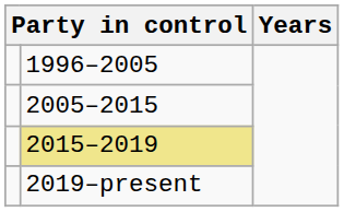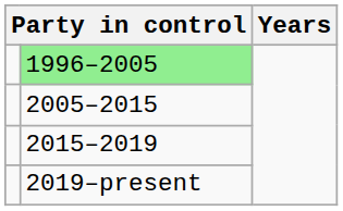 <table class="wikitable">
 <tr>
 <th colspan="2">Party in control</th>
 <th>Years</th>
 </tr>
 <tr>
 <td></td>
-<td>1996–2005</td>
+<td style="background: lightgreen;">1996–2005</td>
 </tr>
 <tr>
 <td></td>
 <td>2005–2015</td>
 </tr>
 <tr>
 <td></td>
-<td style="background: khaki;">2015–2019</td>
+<td>2015–2019</td>
 </tr>
 <tr>
 <td></td>
 <td>2019–present</td>
 </tr>
 </table>
